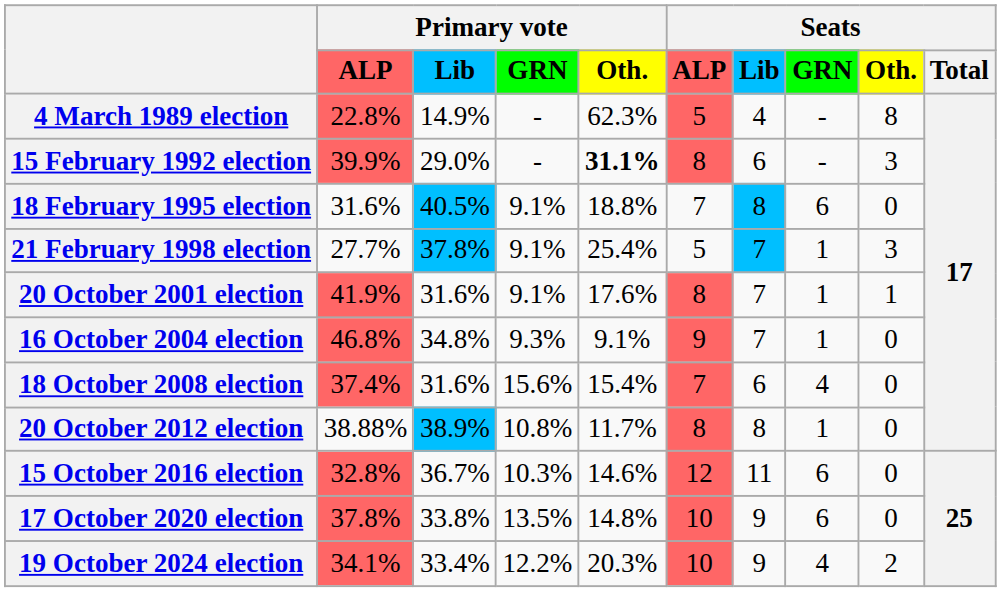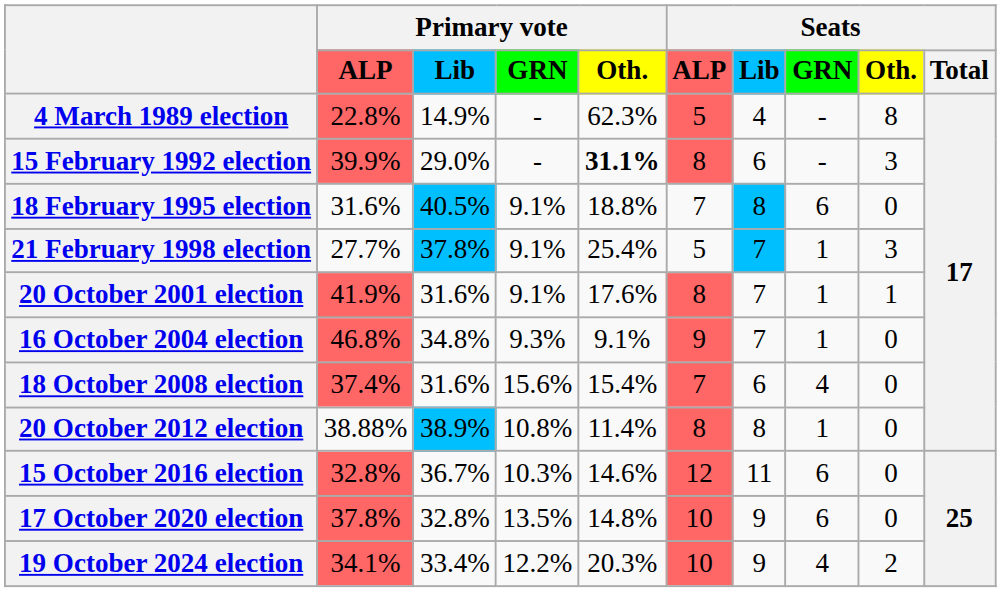 <table class="wikitable mw-collapsible toccolours" style="float:left; margin-right:.5em; margin-top:.4em; font-size:90%;">
 <tr>
 <th rowspan="2" style="background:#; text-align:center;"></th>
 <th colspan="4" style="background:#; text-align:center;">Primary vote</th>
 <th colspan="5" style="background:#; text-align:center;">Seats</th>
 </tr>
 <tr>
 <th style="background:#f66; text-align:center;">ALP</th>
 <th style="background:#00bfff; text-align:center;">Lib</th>
 <th style="background:#00ff00; text-align:center;">GRN</th>
 <th style="background:#ff0; text-align:center;">Oth.</th>
 <th style="background:#f66; text-align:center;">ALP</th>
 <th style="background:#00bfff; text-align:center;">Lib</th>
 <th style="background:#00ff00; text-align:center;">GRN</th>
 <th style="background:#ff0; text-align:center;">Oth.</th>
 <th style="background:#; text-align:center;">Total</th>
 </tr>
 <tr>
 <th style="text-align:center;" bgcolor=""><a href='#'>4 March 1989 election</a></th>
 <td style="text-align:center;" bgcolor=#f66>22.8%</td>
 <td style="text-align:center;" bgcolor="">14.9%</td>
 <td style="text-align:center;" bgcolor="">-</td>
 <td style="text-align:center;" bgcolor="">62.3%</td>
 <td style="text-align:center;" bgcolor=#f66>5</td>
 <td style="text-align:center;" bgcolor="">4</td>
 <td style="text-align:center; background:">-</td>
 <td style="text-align:center;" bgcolor="">8</td>
 <th rowspan="8" style="text-align:center;" bgcolor="">17</th>
 </tr>
 <tr>
 <th style="text-align:center;" bgcolor=""><a href='#'>15 February 1992 election</a></th>
 <td style="text-align:center;" bgcolor=#f66>39.9%</td>
 <td style="text-align:center;" bgcolor="">29.0%</td>
 <td style="text-align:center;" bgcolor="">-</td>
 <td style="text-align:center;" bgcolor=""><strong>31.1%</strong></td>
 <td style="text-align:center; background:#f66;">8</td>
 <td style="text-align:center;" bgcolor="">6</td>
 <td style="text-align:center; background:">-</td>
 <td style="text-align:center;" bgcolor="">3</td>
 </tr>
 <tr>
 <th style="text-align:center;" bgcolor=""><a href='#'>18 February 1995 election</a></th>
 <td style="text-align:center;" bgcolor="">31.6%</td>
 <td style="text-align:center;" bgcolor=#00bfff>40.5%</td>
 <td style="text-align:center;" bgcolor="">9.1%</td>
 <td style="text-align:center;" bgcolor="">18.8%</td>
 <td style="text-align:center; background:">7</td>
 <td style="text-align:center;" bgcolor=#00bfff>8</td>
 <td style="text-align:center; background:">6</td>
 <td style="text-align:center;" bgcolor="">0</td>
 </tr>
 <tr>
 <th style="text-align:center;" bgcolor=""><a href='#'>21 February 1998 election</a></th>
 <td style="text-align:center;" bgcolor="">27.7%</td>
 <td style="text-align:center;" bgcolor=#00bfff>37.8%</td>
 <td style="text-align:center;" bgcolor="">9.1%</td>
 <td style="text-align:center;" bgcolor="">25.4%</td>
 <td style="text-align:center; background:">5</td>
 <td style="text-align:center;" bgcolor=#00bfff>7</td>
 <td style="text-align:center; background:">1</td>
 <td style="text-align:center;" bgcolor="">3</td>
 </tr>
 <tr>
 <th style="text-align:center;" bgcolor=""><a href='#'>20 October 2001 election</a></th>
 <td style="text-align:center;" bgcolor=#f66>41.9%</td>
 <td style="text-align:center;" bgcolor="">31.6%</td>
 <td style="text-align:center;" bgcolor="">9.1%</td>
 <td style="text-align:center;" bgcolor="">17.6%</td>
 <td style="text-align:center; background:#f66">8</td>
 <td style="text-align:center;" bgcolor="">7</td>
 <td style="text-align:center; background:">1</td>
 <td style="text-align:center;" bgcolor="">1</td>
 </tr>
 <tr>
 <th style="text-align:center;" bgcolor=""><a href='#'>16 October 2004 election</a></th>
 <td style="text-align:center;" bgcolor=#f66>46.8%</td>
 <td style="text-align:center;" bgcolor="">34.8%</td>
 <td style="text-align:center;" bgcolor="">9.3%</td>
 <td style="text-align:center; background:">9.1%</td>
 <td style="text-align:center;  background:#f66">9</td>
 <td style="text-align:center; background:">7</td>
 <td style="text-align:center;" bgcolor="">1</td>
 <td style="text-align:center;" bgcolor="">0</td>
 </tr>
 <tr>
 <th style="text-align:center;" bgcolor=""><a href='#'>18 October 2008 election</a></th>
 <td style="text-align:center;" bgcolor=#f66>37.4%</td>
 <td style="text-align:center;" bgcolor="">31.6%</td>
 <td style="text-align:center;" bgcolor="">15.6%</td>
 <td style="text-align:center;" bgcolor="">15.4%</td>
 <td style="text-align:center; background:#f66">7</td>
 <td style="text-align:center;" bgcolor="">6</td>
 <td style="text-align:center; background:">4</td>
 <td style="text-align:center;" bgcolor="">0</td>
 </tr>
 <tr>
 <th style="text-align:center;" bgcolor=""><a href='#'>20 October 2012 election</a></th>
 <td style="text-align:center;" bgcolor="">38.88%</td>
 <td style="text-align:center;" bgcolor=#00bfff>38.9%</td>
 <td style="text-align:center;" bgcolor="">10.8%</td>
-<td style="text-align:center;" bgcolor="">11.7%</td>
+<td style="text-align:center;" bgcolor="">11.4%</td>
 <td style="text-align:center; background:#f66;">8</td>
 <td style="text-align:center;" bgcolor="">8</td>
 <td style="text-align:center; background:">1</td>
 <td style="text-align:center;" bgcolor="">0</td>
 </tr>
 <tr>
 <th style="text-align:center;" bgcolor=""><a href='#'>15 October 2016 election</a></th>
 <td style="text-align:center;" bgcolor=#f66>32.8%</td>
 <td style="text-align:center;" bgcolor="">36.7%</td>
 <td style="text-align:center;" bgcolor="">10.3%</td>
 <td style="text-align:center;" bgcolor="">14.6%</td>
 <td style="text-align:center; background:#f66;">12</td>
 <td style="text-align:center;" bgcolor="">11</td>
 <td style="text-align:center; background:">6</td>
 <td style="text-align:center;" bgcolor="">0</td>
 <th rowspan="3" style="text-align:center;" bgcolor="">25</th>
 </tr>
 <tr>
 <th style="text-align:center;" bgcolor=""><a href='#'>17 October 2020 election</a></th>
 <td style="text-align:center;" bgcolor=#f66>37.8%</td>
-<td style="text-align:center;" bgcolor="">33.8%</td>
+<td style="text-align:center;" bgcolor="">32.8%</td>
 <td style="text-align:center;" bgcolor="">13.5%</td>
 <td style="text-align:center; background:">14.8%</td>
 <td style="text-align:center;" bgcolor=#f66>10</td>
 <td style="text-align:center;" bgcolor="">9</td>
 <td style="text-align:center; background:">6</td>
 <td style="text-align:center;" bgcolor="">0</td>
 </tr>
 <tr>
 <th style="text-align:center;" bgcolor=""><a href='#'>19 October 2024 election</a></th>
 <td style="text-align:center;" bgcolor=#f66>34.1%</td>
 <td style="text-align:center;" bgcolor="">33.4%</td>
 <td style="text-align:center;" bgcolor="">12.2%</td>
 <td style="text-align:center; background:">20.3%</td>
 <td style="text-align:center;" bgcolor=#f66>10</td>
 <td style="text-align:center;" bgcolor="">9</td>
 <td style="text-align:center; background:">4</td>
 <td style="text-align:center;" bgcolor="">2</td>
 </tr>
 </table>
